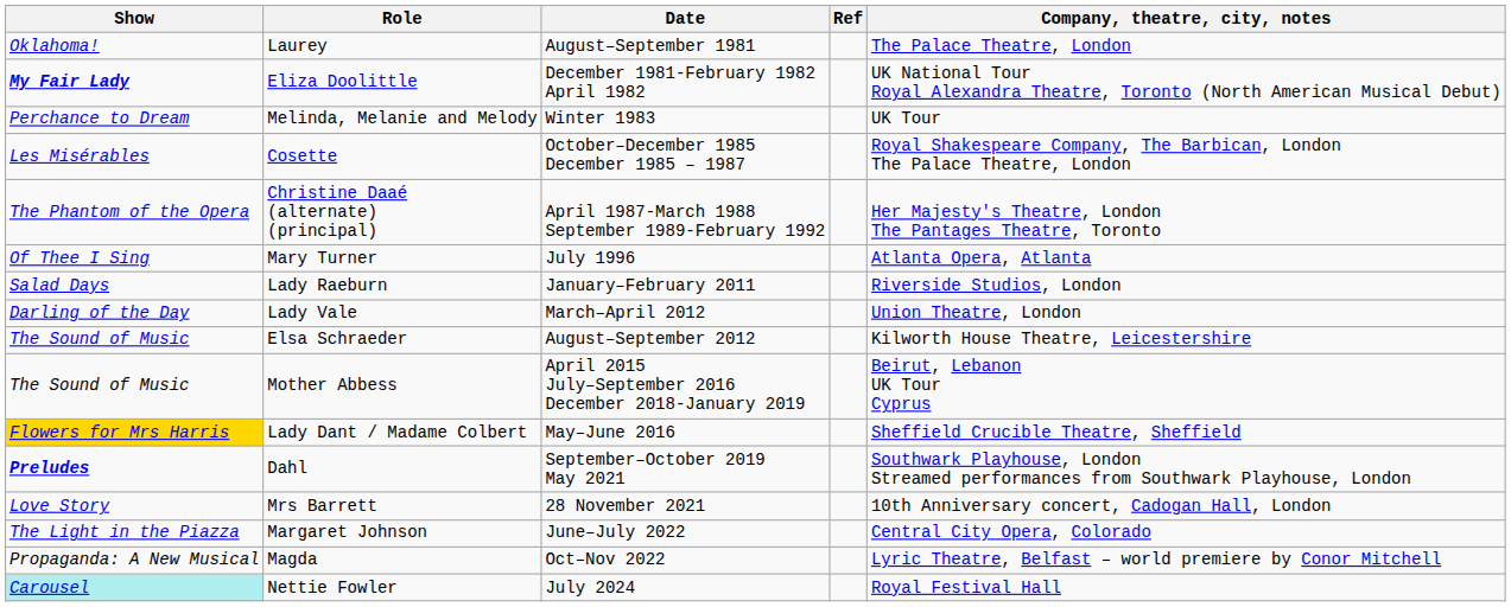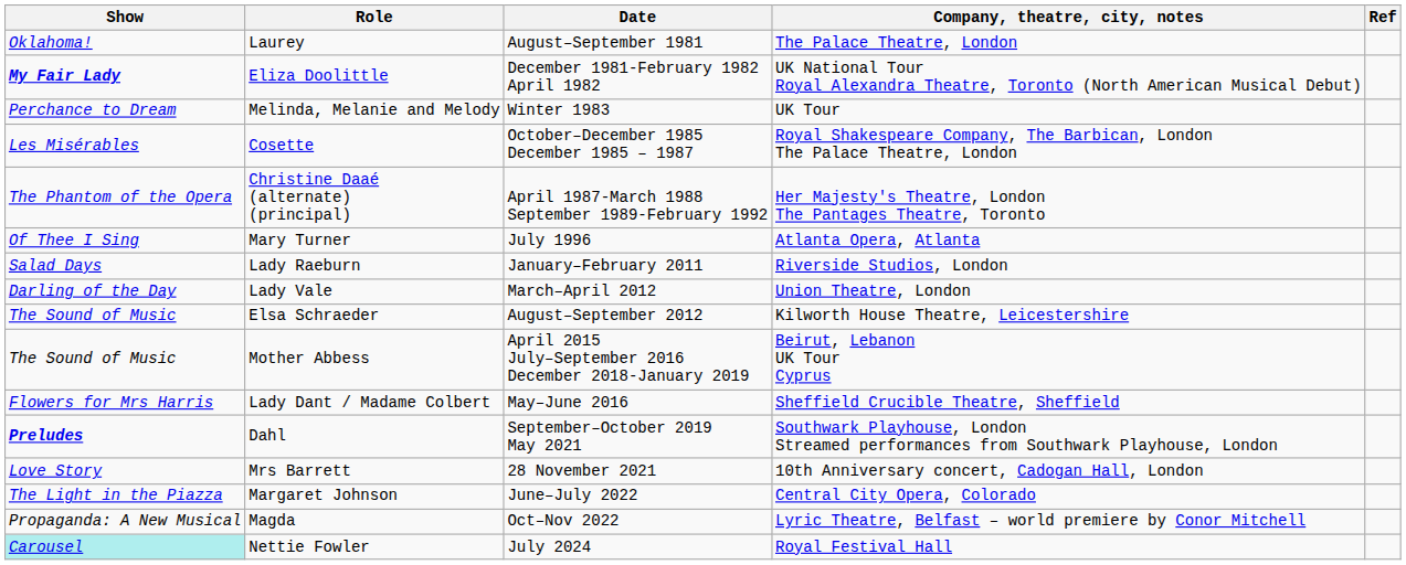 <table class="wikitable">
 <tr>
 <th>Show</th>
 <th>Role</th>
 <th>Date</th>
+<th>Company, theatre, city, notes</th>
 <th>Ref</th>
-<th>Company, theatre, city, notes</th>
 </tr>
 <tr>
 <td><em><a href='#'>Oklahoma!</a></em></td>
 <td>Laurey</td>
 <td>August–September 1981</td>
+<td><a href='#'>The Palace Theatre</a>, <a href='#'>London</a></td>
 <td></td>
-<td><a href='#'>The Palace Theatre</a>, <a href='#'>London</a></td>
 </tr>
 <tr>
 <td><strong><em><a href='#'>My Fair Lady</a></em></strong></td>
 <td><a href='#'>Eliza Doolittle</a></td>
 <td>December 1981-February 1982<br>April 1982</td>
+<td>UK National Tour<br><a href='#'>Royal Alexandra Theatre</a>, <a href='#'>Toronto</a> (North American Musical Debut)</td>
 <td><br></td>
-<td>UK National Tour<br><a href='#'>Royal Alexandra Theatre</a>, <a href='#'>Toronto</a> (North American Musical Debut)</td>
 </tr>
 <tr>
 <td><em><a href='#'>Perchance to Dream</a></em></td>
 <td>Melinda, Melanie and Melody</td>
 <td>Winter 1983</td>
+<td>UK Tour</td>
 <td></td>
-<td>UK Tour</td>
 </tr>
 <tr>
 <td><em><a href='#'>Les Misérables</a></em></td>
 <td><a href='#'>Cosette</a></td>
 <td>October–December 1985<br>December 1985 – 1987</td>
+<td><a href='#'>Royal Shakespeare Company</a>, <a href='#'>The Barbican</a>, London<br>The Palace Theatre, London</td>
 <td><br></td>
-<td><a href='#'>Royal Shakespeare Company</a>, <a href='#'>The Barbican</a>, London<br>The Palace Theatre, London</td>
 </tr>
 <tr>
 <td><em><a href='#'>The Phantom of the Opera</a></em></td>
 <td><a href='#'>Christine Daaé</a><br>(alternate)<br>(principal)</td>
 <td><br>April 1987-March 1988<br>September 1989-February 1992</td>
+<td><br><a href='#'>Her Majesty's Theatre</a>, London<br><a href='#'>The Pantages Theatre</a>, Toronto</td>
 <td><br><br></td>
-<td><br><a href='#'>Her Majesty's Theatre</a>, London<br><a href='#'>The Pantages Theatre</a>, Toronto</td>
 </tr>
 <tr>
 <td><em><a href='#'>Of Thee I Sing</a></em></td>
 <td>Mary Turner</td>
 <td>July 1996</td>
+<td><a href='#'>Atlanta Opera</a>, <a href='#'>Atlanta</a></td>
 <td></td>
-<td><a href='#'>Atlanta Opera</a>, <a href='#'>Atlanta</a></td>
 </tr>
 <tr>
 <td><em><a href='#'>Salad Days</a></em></td>
 <td>Lady Raeburn</td>
 <td>January–February 2011</td>
+<td><a href='#'>Riverside Studios</a>, London</td>
 <td></td>
-<td><a href='#'>Riverside Studios</a>, London</td>
 </tr>
 <tr>
 <td><em><a href='#'>Darling of the Day</a></em></td>
 <td>Lady Vale</td>
 <td>March–April 2012</td>
+<td><a href='#'>Union Theatre</a>, London</td>
 <td></td>
-<td><a href='#'>Union Theatre</a>, London</td>
 </tr>
 <tr>
 <td><em><a href='#'>The Sound of Music</a></em></td>
 <td>Elsa Schraeder</td>
 <td>August–September 2012</td>
+<td>Kilworth House Theatre, <a href='#'>Leicestershire</a></td>
 <td></td>
-<td>Kilworth House Theatre, <a href='#'>Leicestershire</a></td>
 </tr>
 <tr>
 <td><em>The Sound of Music</em></td>
 <td>Mother Abbess</td>
 <td>April 2015<br>July–September 2016<br>December 2018-January 2019</td>
+<td><a href='#'>Beirut</a>, <a href='#'>Lebanon</a><br>UK Tour<br><a href='#'>Cyprus</a></td>
 <td><br> </td>
-<td><a href='#'>Beirut</a>, <a href='#'>Lebanon</a><br>UK Tour<br><a href='#'>Cyprus</a></td>
 </tr>
 <tr>
-<td style="background: gold;"><em><a href='#'>Flowers for Mrs Harris</a></em></td>
+<td><em><a href='#'>Flowers for Mrs Harris</a></em></td>
 <td>Lady Dant / Madame Colbert</td>
 <td>May–June 2016</td>
+<td><a href='#'>Sheffield Crucible Theatre</a>, <a href='#'>Sheffield</a></td>
 <td></td>
-<td><a href='#'>Sheffield Crucible Theatre</a>, <a href='#'>Sheffield</a></td>
 </tr>
 <tr>
 <td><strong><em><a href='#'>Preludes</a></em></strong></td>
 <td>Dahl</td>
 <td>September–October 2019<br>May 2021</td>
+<td><a href='#'>Southwark Playhouse</a>, London<br>Streamed performances from Southwark Playhouse, London</td>
 <td><br></td>
-<td><a href='#'>Southwark Playhouse</a>, London<br>Streamed performances from Southwark Playhouse, London</td>
 </tr>
 <tr>
 <td><em><a href='#'>Love Story</a></em></td>
 <td>Mrs Barrett</td>
 <td>28 November 2021</td>
+<td>10th Anniversary concert, <a href='#'>Cadogan Hall</a>, London</td>
 <td></td>
-<td>10th Anniversary concert, <a href='#'>Cadogan Hall</a>, London</td>
 </tr>
 <tr>
 <td><em><a href='#'>The Light in the Piazza</a></em></td>
 <td>Margaret Johnson</td>
 <td>June–July 2022</td>
+<td><a href='#'>Central City Opera</a>, <a href='#'>Colorado</a></td>
 <td></td>
-<td><a href='#'>Central City Opera</a>, <a href='#'>Colorado</a></td>
 </tr>
 <tr>
 <td><em>Propaganda: A New Musical</em></td>
 <td>Magda</td>
 <td>Oct–Nov 2022</td>
+<td><a href='#'>Lyric Theatre</a>, <a href='#'>Belfast</a> – world premiere by <a href='#'>Conor Mitchell</a></td>
 <td></td>
-<td><a href='#'>Lyric Theatre</a>, <a href='#'>Belfast</a> – world premiere by <a href='#'>Conor Mitchell</a></td>
 </tr>
 <tr>
 <td style="background: paleturquoise;"><a href='#'><em>Carousel</em></a></td>
 <td>Nettie Fowler</td>
 <td>July 2024</td>
+<td><a href='#'>Royal Festival Hall</a></td>
 <td></td>
-<td><a href='#'>Royal Festival Hall</a></td>
 </tr>
 </table>
